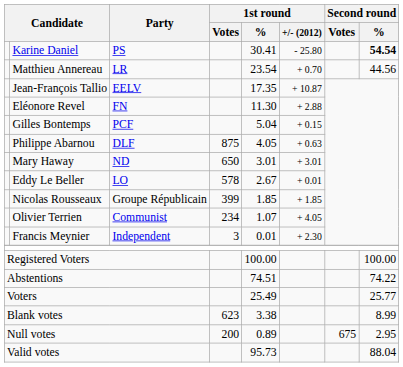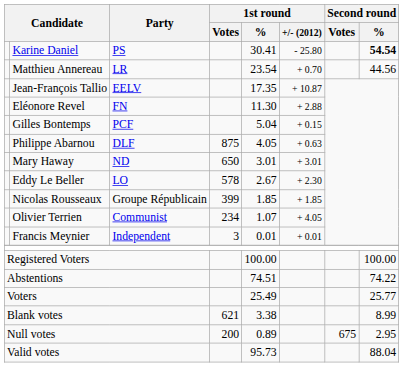 <table class="wikitable centre">
 <tr>
 <th colspan="2" rowspan="2" scope="col">Candidate</th>
 <th colspan="1" rowspan="2" scope="col">Party</th>
 <th colspan="3" scope="col">1st round</th>
 <th colspan="2" scope="col">Second round</th>
 </tr>
 <tr>
 <th scope="col">Votes</th>
 <th scope="col">%</th>
 <th scope="col"><small>+/- (2012)</small></th>
 <th scope="col">Votes</th>
 <th scope="col">%</th>
 </tr>
 <tr>
 <td style="color:inherit;background-color:"></td>
 <td><a href='#'>Karine Daniel</a></td>
 <td><a href='#'>PS</a></td>
 <td style="text-align: right"></td>
 <td style="text-align: right">30.41</td>
 <td style="text-align: right"><small>- 25.80</small></td>
 <td style="text-align: right"><strong></strong></td>
 <td style="text-align: right"><strong>54.54</strong></td>
 </tr>
 <tr>
 <td style="color:inherit;background-color:"></td>
 <td>Matthieu Annereau</td>
 <td><a href='#'>LR</a></td>
 <td style="text-align: right"></td>
 <td style="text-align: right">23.54</td>
 <td style="text-align: right"><small>+ 0.70</small></td>
 <td style="text-align: right"></td>
 <td style="text-align: right">44.56</td>
 </tr>
 <tr>
 <td style="color:inherit;background-color:"></td>
 <td>Jean-François Tallio</td>
 <td><a href='#'>EELV</a></td>
 <td style="text-align: right"></td>
 <td style="text-align: right">17.35</td>
 <td style="text-align: right"><small>+ 10.87</small></td>
 <td colspan="2" rowspan="9" style="text-align: right"></td>
 </tr>
 <tr>
 <td style="color:inherit;background-color:"></td>
 <td>Eléonore Revel</td>
 <td><a href='#'>FN</a></td>
 <td style="text-align: right"></td>
 <td style="text-align: right">11.30</td>
 <td style="text-align: right"><small>+ 2.88</small></td>
 </tr>
 <tr>
 <td style="color:inherit;background-color:"></td>
 <td>Gilles Bontemps</td>
 <td><a href='#'>PCF</a></td>
 <td style="text-align: right"></td>
 <td style="text-align: right">5.04</td>
 <td style="text-align: right"><small>+ 0.15</small></td>
 </tr>
 <tr>
 <td style="color:inherit;background-color:"></td>
 <td>Philippe Abarnou</td>
 <td><a href='#'>DLF</a></td>
 <td style="text-align: right">875</td>
 <td style="text-align: right">4.05</td>
 <td style="text-align: right"><small>+ 0.63</small></td>
 </tr>
 <tr>
 <td style="color:inherit;background-color:"></td>
 <td>Mary Haway</td>
 <td><a href='#'>ND</a></td>
 <td style="text-align: right">650</td>
 <td style="text-align: right">3.01</td>
 <td style="text-align: right"><small>+ 3.01</small></td>
 </tr>
 <tr>
 <td style="color:inherit;background-color:"></td>
 <td>Eddy Le Beller</td>
 <td><a href='#'>LO</a></td>
 <td style="text-align: right">578</td>
 <td style="text-align: right">2.67</td>
-<td style="text-align: right"><small>+ 0.01</small></td>
+<td style="text-align: right"><small>+ 2.30</small></td>
 </tr>
 <tr>
 <td></td>
 <td>Nicolas Rousseaux</td>
 <td>Groupe Républicain</td>
 <td style="text-align: right">399</td>
 <td style="text-align: right">1.85</td>
 <td style="text-align: right"><small>+ 1.85</small></td>
 </tr>
 <tr>
 <td></td>
 <td>Olivier Terrien</td>
 <td><a href='#'>Communist</a></td>
 <td style="text-align: right">234</td>
 <td style="text-align: right">1.07</td>
 <td style="text-align: right"><small>+ 4.05</small></td>
 </tr>
 <tr>
 <td></td>
 <td>Francis Meynier</td>
 <td><a href='#'>Independent</a></td>
 <td style="text-align: right">3</td>
 <td style="text-align: right">0.01</td>
-<td style="text-align: right"><small>+ 2.30</small></td>
+<td style="text-align: right"><small>+ 0.01</small></td>
 </tr>
 <tr>
 </tr>
 <tr bgcolor="white">
 <td colspan="8"></td>
 </tr>
 <tr>
 <td colspan="3">Registered Voters</td>
 <td style="text-align: right"></td>
 <td style="text-align: right">100.00</td>
 <td style="text-align: right"></td>
 <td style="text-align: right"></td>
 <td style="text-align: right">100.00</td>
 </tr>
 <tr>
 <td colspan="3">Abstentions</td>
 <td style="text-align: right"></td>
 <td style="text-align: right">74.51</td>
 <td style="text-align: right"></td>
 <td style="text-align: right"></td>
 <td style="text-align: right">74.22</td>
 </tr>
 <tr>
 <td colspan="3">Voters</td>
 <td style="text-align: right"></td>
 <td style="text-align: right">25.49</td>
 <td style="text-align: right"></td>
 <td style="text-align: right"></td>
 <td style="text-align: right">25.77</td>
 </tr>
 <tr>
 <td colspan="3">Blank votes</td>
-<td style="text-align: right">623</td>
+<td style="text-align: right">621</td>
 <td style="text-align: right">3.38</td>
 <td style="text-align: right"></td>
 <td style="text-align: right"></td>
 <td style="text-align: right">8.99</td>
 </tr>
 <tr>
 <td colspan="3">Null votes</td>
 <td style="text-align: right">200</td>
 <td style="text-align: right">0.89</td>
 <td style="text-align: right"></td>
 <td style="text-align: right">675</td>
 <td style="text-align: right">2.95</td>
 </tr>
 <tr>
 <td colspan="3">Valid votes</td>
 <td style="text-align: right"></td>
 <td style="text-align: right">95.73</td>
 <td style="text-align: right"></td>
 <td style="text-align: right"></td>
 <td style="text-align: right">88.04</td>
 </tr>
 </table>
